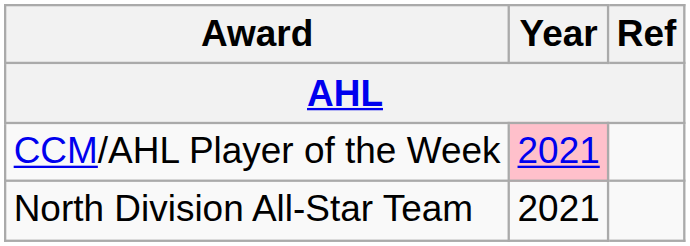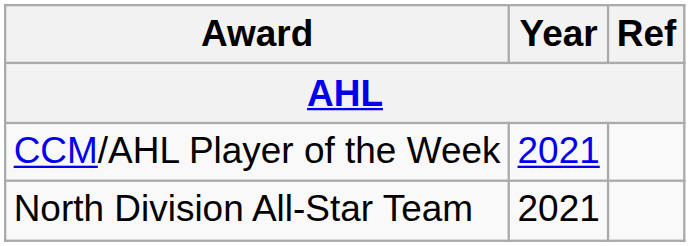 <table class="wikitable">
 <tr>
 <th>Award</th>
 <th>Year</th>
 <th>Ref</th>
 </tr>
 <tr>
 <th colspan="3"><a href='#'>AHL</a></th>
 </tr>
 <tr>
 <td><a href='#'>CCM</a>/AHL Player of the Week</td>
-<td style="background: pink;"><a href='#'>2021</a></td>
+<td><a href='#'>2021</a></td>
 <td></td>
 </tr>
 <tr>
 <td>North Division All-Star Team</td>
 <td>2021</td>
 <td></td>
 </tr>
 </table>
